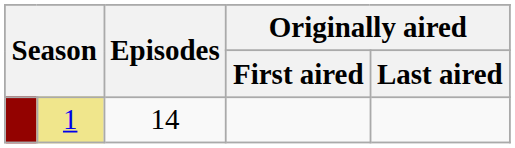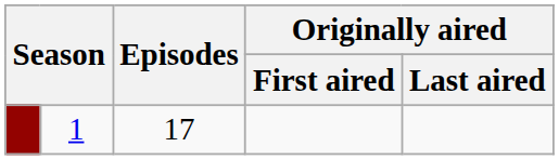 <table class="wikitable plainrowheaders" style="text-align:center;">
 <tr>
 <th colspan="2" rowspan="2">Season</th>
 <th rowspan="2">Episodes</th>
 <th colspan="2">Originally aired</th>
 </tr>
 <tr>
 <th>First aired</th>
 <th>Last aired</th>
 </tr>
 <tr>
 <td style="background:#930200"></td>
-<td style="background: khaki;"><a href='#'>1</a></td>
-<td>14</td>
+<td><a href='#'>1</a></td>
+<td>17</td>
 <td></td>
 <td></td>
 </tr>
 </table>
